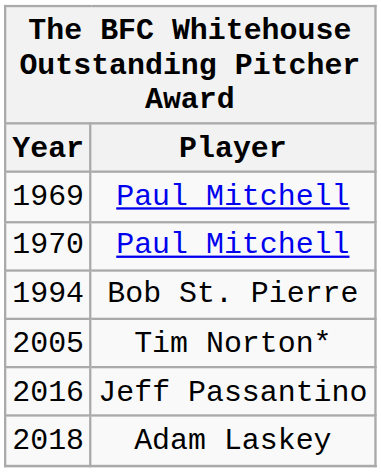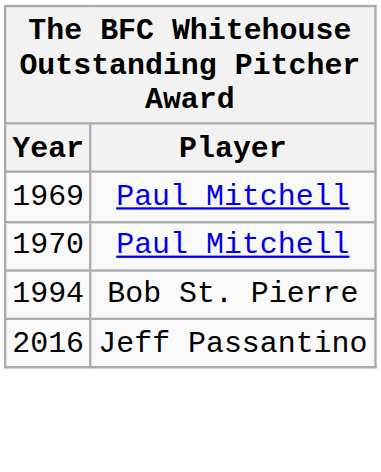 <table class="wikitable" style="display: inline-table; margin-right: 20px; text-align:center">
 <tr>
 <th scope="col" colspan="2" style="width: 145px;">The BFC Whitehouse Outstanding Pitcher Award</th>
 </tr>
 <tr>
 <th scope="col">Year</th>
 <th scope="col">Player</th>
 </tr>
 <tr>
 <td>1969</td>
 <td><a href='#'>Paul Mitchell</a></td>
 </tr>
 <tr>
 <td>1970</td>
 <td><a href='#'>Paul Mitchell</a></td>
 </tr>
 <tr>
 <td>1994</td>
 <td>Bob St. Pierre</td>
 </tr>
 <tr>
-<td>2005</td>
-<td>Tim Norton*</td>
-</tr>
-<tr>
 <td>2016</td>
 <td>Jeff Passantino</td>
 </tr>
 <tr>
-<td>2018</td>
-<td>Adam Laskey</td>
-</tr>
-<tr>
 </tr>
 </table>
